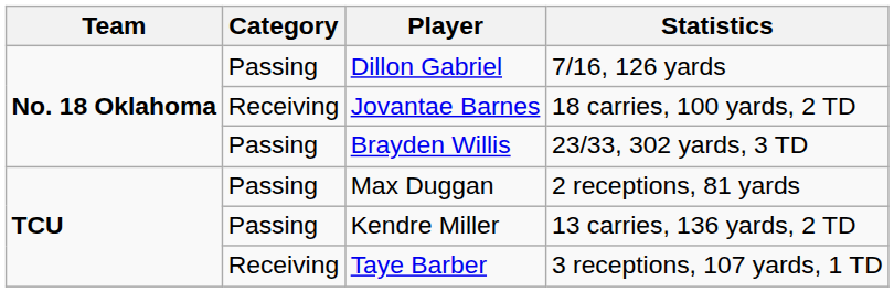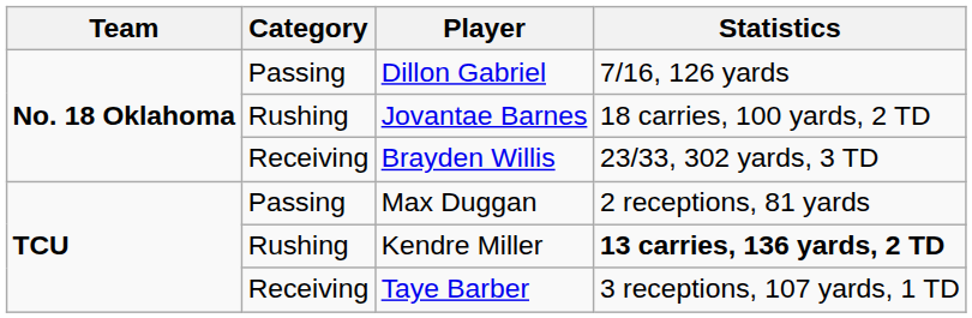 <table class="wikitable" style="float: right;">
 <tr>
 <th>Team</th>
 <th>Category</th>
 <th>Player</th>
 <th>Statistics</th>
 </tr>
 <tr>
 <td rowspan=3><strong>No. 18 Oklahoma</strong></td>
 <td>Passing</td>
 <td><a href='#'>Dillon Gabriel</a></td>
 <td>7/16, 126 yards</td>
 </tr>
 <tr>
-<td>Receiving</td>
+<td>Rushing</td>
 <td><a href='#'>Jovantae Barnes</a></td>
 <td>18 carries, 100 yards, 2 TD</td>
 </tr>
 <tr>
-<td>Passing</td>
+<td>Receiving</td>
 <td><a href='#'>Brayden Willis</a></td>
 <td>23/33, 302 yards, 3 TD</td>
 </tr>
 <tr>
 <td rowspan=3><strong>TCU</strong></td>
 <td>Passing</td>
 <td>Max Duggan</td>
 <td>2 receptions, 81 yards</td>
 </tr>
 <tr>
-<td>Passing</td>
+<td>Rushing</td>
 <td>Kendre Miller</td>
-<td>13 carries, 136 yards, 2 TD</td>
+<td><strong>13 carries, 136 yards, 2 TD</strong></td>
 </tr>
 <tr>
 <td>Receiving</td>
 <td><a href='#'>Taye Barber</a></td>
 <td>3 receptions, 107 yards, 1 TD</td>
 </tr>
 </table>
